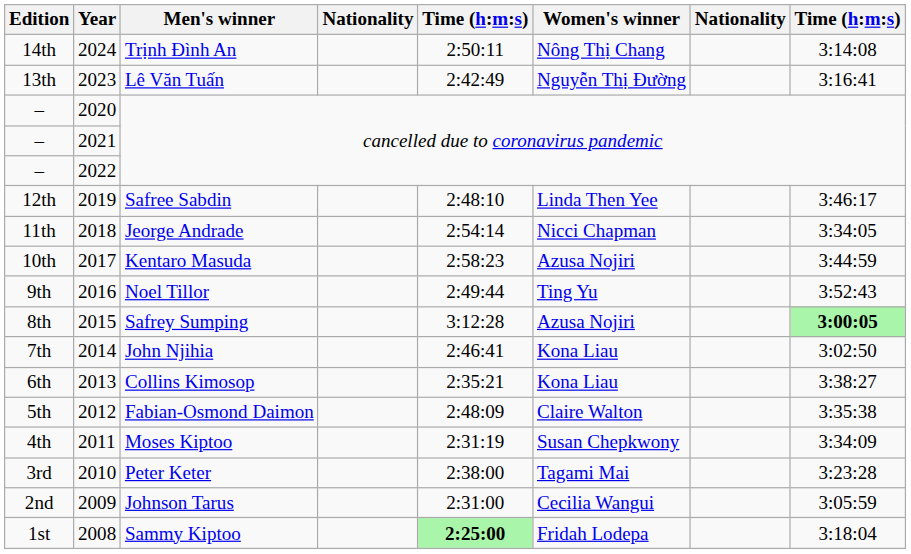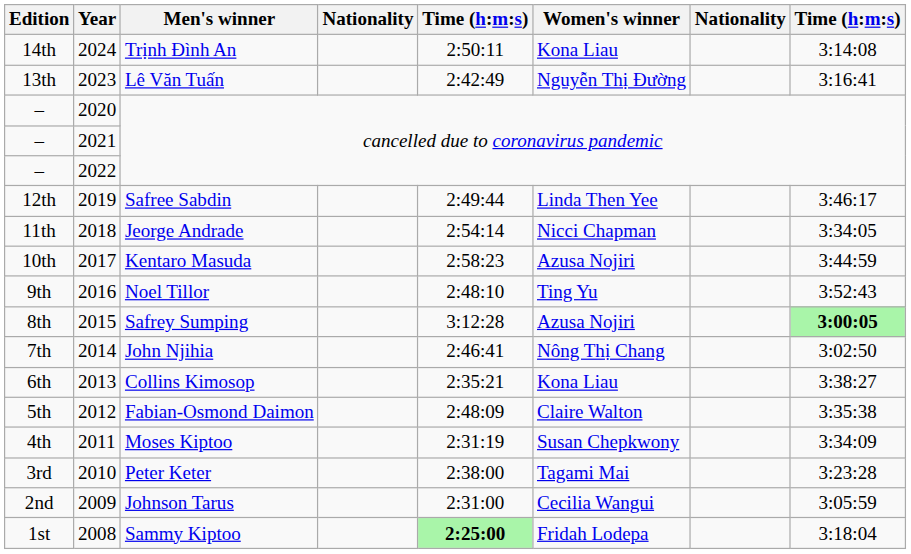 <table class="wikitable" style="text-align:center">
 <tr>
 <th>Edition</th>
 <th>Year</th>
 <th>Men's winner</th>
 <th>Nationality</th>
 <th>Time (<a href='#'>h</a>:<a href='#'>m</a>:<a href='#'>s</a>)</th>
 <th>Women's winner</th>
 <th>Nationality</th>
 <th>Time (<a href='#'>h</a>:<a href='#'>m</a>:<a href='#'>s</a>)</th>
 </tr>
 <tr>
 <td>14th</td>
 <td align="left">2024</td>
 <td align="left"><a href='#'>Trịnh Đình An</a></td>
 <td align="left"></td>
 <td>2:50:11</td>
-<td align="left"><a href='#'>Nông Thị Chang</a></td>
+<td align="left"><a href='#'>Kona Liau</a></td>
 <td align="left"></td>
 <td>3:14:08</td>
 </tr>
 <tr>
 <td>13th</td>
 <td align="left">2023</td>
 <td align="left"><a href='#'>Lê Văn Tuấn</a></td>
 <td align="left"></td>
 <td>2:42:49</td>
 <td align="left"><a href='#'>Nguyễn Thị Đường</a></td>
 <td align="left"></td>
 <td>3:16:41</td>
 </tr>
 <tr>
 <td>–</td>
 <td align="left">2020</td>
 <td colspan="6" rowspan="3" align="center"><em>cancelled due to <a href='#'>coronavirus pandemic</a></em></td>
 </tr>
 <tr>
 <td>–</td>
 <td align="left">2021</td>
 </tr>
 <tr>
 <td>–</td>
 <td align="left">2022</td>
 </tr>
 <tr>
 <td>12th</td>
 <td align="left">2019</td>
 <td align="left"><a href='#'>Safree Sabdin</a></td>
 <td align="left"></td>
-<td>2:48:10</td>
+<td>2:49:44</td>
 <td align="left"><a href='#'>Linda Then Yee</a></td>
 <td align="left"></td>
 <td>3:46:17</td>
 </tr>
 <tr>
 <td>11th</td>
 <td align="left">2018</td>
 <td align="left"><a href='#'>Jeorge Andrade</a></td>
 <td align="left"></td>
 <td>2:54:14</td>
 <td align="left"><a href='#'>Nicci Chapman</a></td>
 <td align="left"></td>
 <td>3:34:05</td>
 </tr>
 <tr>
 <td>10th</td>
 <td align="left">2017</td>
 <td align="left"><a href='#'>Kentaro Masuda</a></td>
 <td align="left"></td>
 <td>2:58:23</td>
 <td align="left"><a href='#'>Azusa Nojiri</a></td>
 <td align="left"></td>
 <td>3:44:59</td>
 </tr>
 <tr>
 <td>9th</td>
 <td align="left">2016</td>
 <td align="left"><a href='#'>Noel Tillor</a></td>
 <td align="left"></td>
-<td>2:49:44</td>
+<td>2:48:10</td>
 <td align="left"><a href='#'>Ting Yu</a></td>
 <td align="left"></td>
 <td>3:52:43</td>
 </tr>
 <tr>
 <td>8th</td>
 <td align="left">2015</td>
 <td align="left"><a href='#'>Safrey Sumping</a></td>
 <td align="left"></td>
 <td>3:12:28</td>
 <td align="left"><a href='#'>Azusa Nojiri</a></td>
 <td align="left"></td>
 <td bgcolor="#A9F5A9"><strong>3:00:05</strong></td>
 </tr>
 <tr>
 <td>7th</td>
 <td align="left">2014</td>
 <td align="left"><a href='#'>John Njihia</a></td>
 <td align="left"></td>
 <td>2:46:41</td>
-<td align="left"><a href='#'>Kona Liau</a></td>
+<td align="left"><a href='#'>Nông Thị Chang</a></td>
 <td align="left"></td>
 <td>3:02:50</td>
 </tr>
 <tr>
 <td>6th</td>
 <td align="left">2013</td>
 <td align="left"><a href='#'>Collins Kimosop</a></td>
 <td align="left"></td>
 <td>2:35:21</td>
 <td align="left"><a href='#'>Kona Liau</a></td>
 <td align="left"></td>
 <td>3:38:27</td>
 </tr>
 <tr>
 <td>5th</td>
 <td align="left">2012</td>
 <td align="left"><a href='#'>Fabian-Osmond Daimon</a></td>
 <td align="left"></td>
 <td>2:48:09</td>
 <td align="left"><a href='#'>Claire Walton</a></td>
 <td align="left"></td>
 <td>3:35:38</td>
 </tr>
 <tr>
 <td>4th</td>
 <td align="left">2011</td>
 <td align="left"><a href='#'>Moses Kiptoo</a></td>
 <td align="left"></td>
 <td>2:31:19</td>
 <td align="left"><a href='#'>Susan Chepkwony</a></td>
 <td align="left"></td>
 <td>3:34:09</td>
 </tr>
 <tr>
 <td>3rd</td>
 <td align="left">2010</td>
 <td align="left"><a href='#'>Peter Keter</a></td>
 <td align="left"></td>
 <td>2:38:00</td>
 <td align="left"><a href='#'>Tagami Mai</a></td>
 <td align="left"></td>
 <td>3:23:28</td>
 </tr>
 <tr>
 <td>2nd</td>
 <td align="left">2009</td>
 <td align="left"><a href='#'>Johnson Tarus</a></td>
 <td align="left"></td>
 <td>2:31:00</td>
 <td align="left"><a href='#'>Cecilia Wangui</a></td>
 <td align="left"></td>
 <td>3:05:59</td>
 </tr>
 <tr>
 <td>1st</td>
 <td align="left">2008</td>
 <td align="left"><a href='#'>Sammy Kiptoo</a></td>
 <td align="left"></td>
 <td bgcolor="#A9F5A9"><strong>2:25:00</strong></td>
 <td align="left"><a href='#'>Fridah Lodepa</a></td>
 <td align="left"></td>
 <td>3:18:04</td>
 </tr>
 </table>
